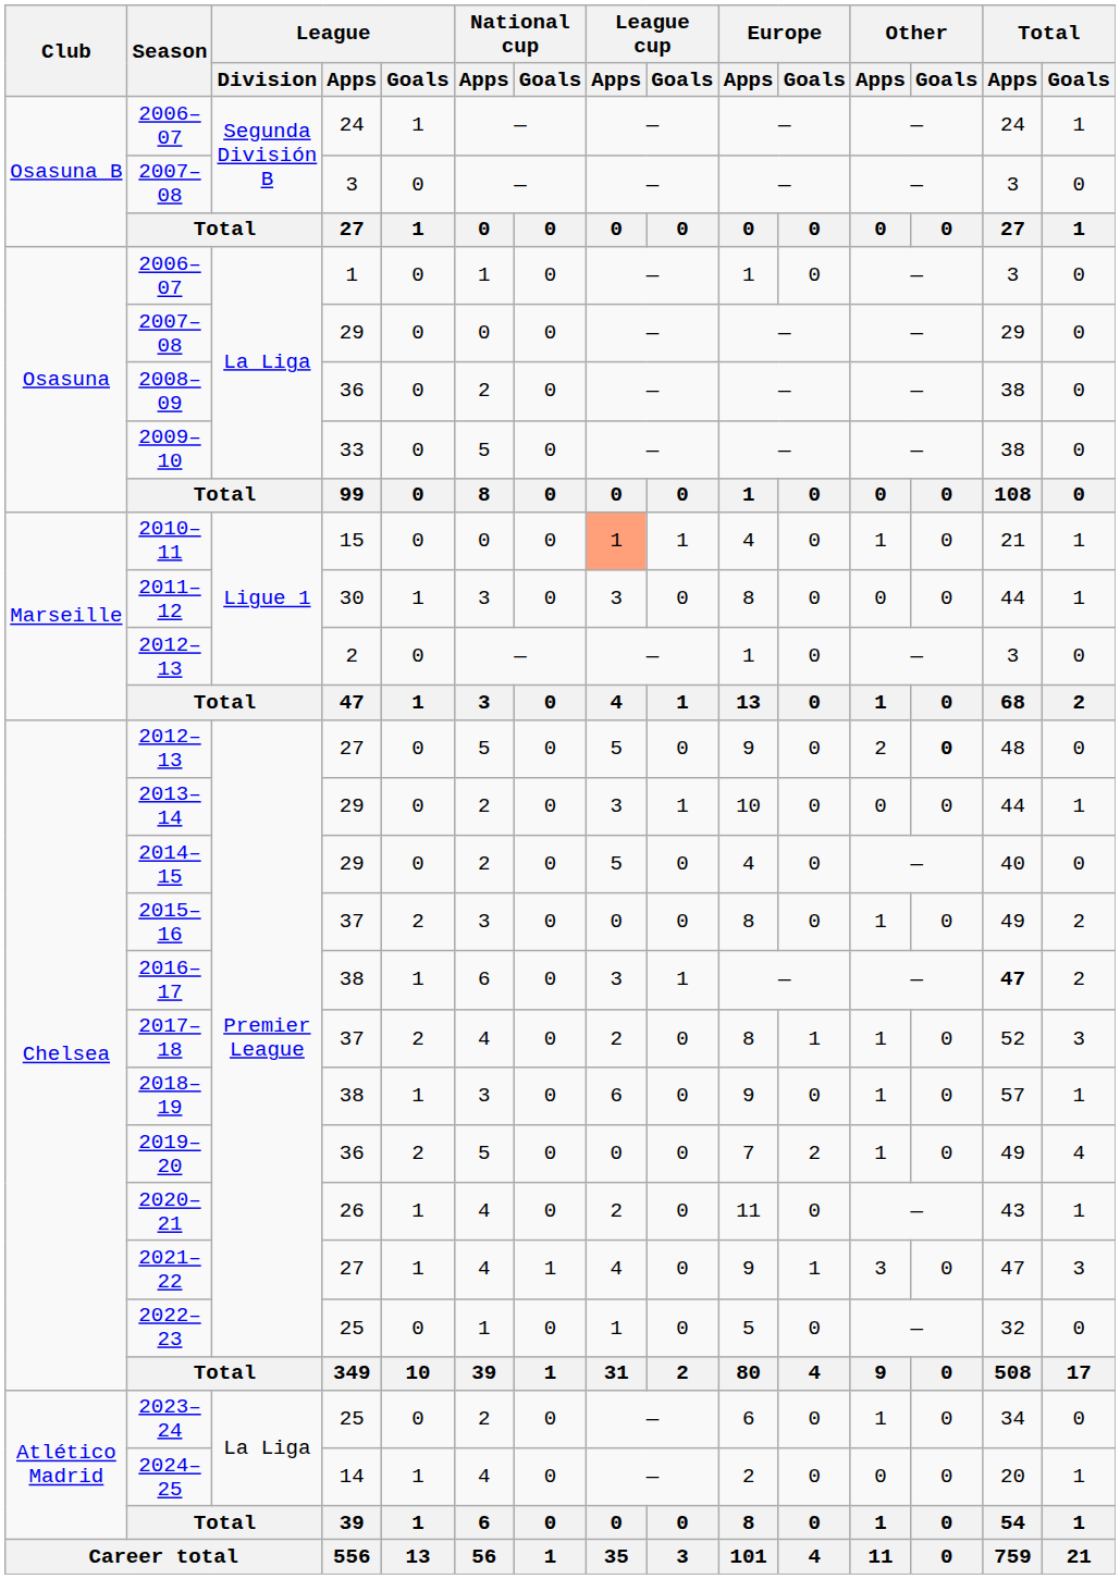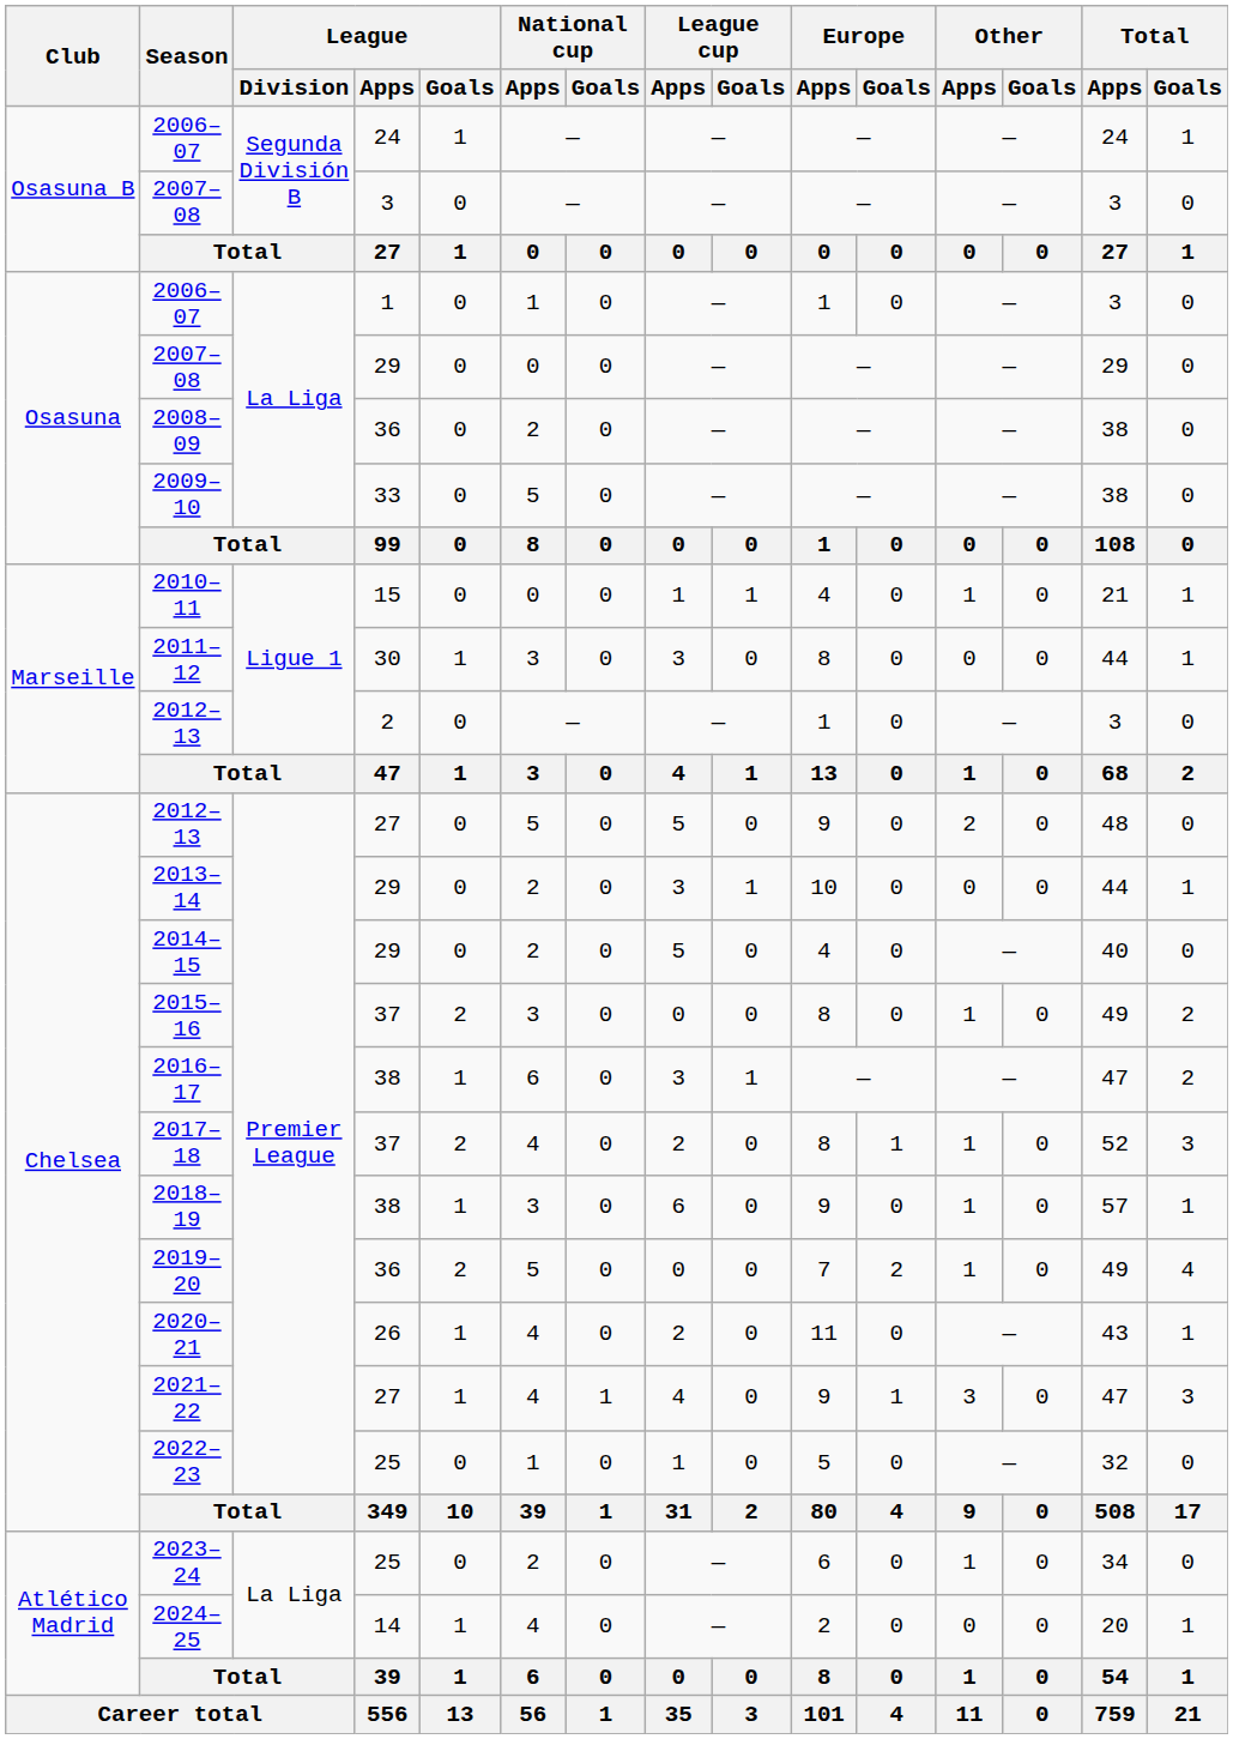 <table class="wikitable" style="text-align:center">
 <tr>
 <th rowspan="2">Club</th>
 <th rowspan="2">Season</th>
 <th colspan="3">League</th>
 <th colspan="2">National cup</th>
 <th colspan="2">League cup</th>
 <th colspan="2">Europe</th>
 <th colspan="2">Other</th>
 <th colspan="2">Total</th>
 </tr>
 <tr>
 <th>Division</th>
 <th>Apps</th>
 <th>Goals</th>
 <th>Apps</th>
 <th>Goals</th>
 <th>Apps</th>
 <th>Goals</th>
 <th>Apps</th>
 <th>Goals</th>
 <th>Apps</th>
 <th>Goals</th>
 <th>Apps</th>
 <th>Goals</th>
 </tr>
 <tr>
 <td rowspan="3"><a href='#'>Osasuna B</a></td>
 <td><a href='#'>2006–07</a></td>
 <td rowspan="2"><a href='#'>Segunda División B</a></td>
 <td>24</td>
 <td>1</td>
 <td colspan="2">—</td>
 <td colspan="2">—</td>
 <td colspan="2">—</td>
 <td colspan="2">—</td>
 <td>24</td>
 <td>1</td>
 </tr>
 <tr>
 <td><a href='#'>2007–08</a></td>
 <td>3</td>
 <td>0</td>
 <td colspan="2">—</td>
 <td colspan="2">—</td>
 <td colspan="2">—</td>
 <td colspan="2">—</td>
 <td>3</td>
 <td>0</td>
 </tr>
 <tr>
 <th colspan="2">Total</th>
 <th>27</th>
 <th>1</th>
 <th>0</th>
 <th>0</th>
 <th>0</th>
 <th>0</th>
 <th>0</th>
 <th>0</th>
 <th>0</th>
 <th>0</th>
 <th>27</th>
 <th>1</th>
 </tr>
 <tr>
 <td rowspan="5"><a href='#'>Osasuna</a></td>
 <td><a href='#'>2006–07</a></td>
 <td rowspan="4"><a href='#'>La Liga</a></td>
 <td>1</td>
 <td>0</td>
 <td>1</td>
 <td>0</td>
 <td colspan="2">—</td>
 <td>1</td>
 <td>0</td>
 <td colspan="2">—</td>
 <td>3</td>
 <td>0</td>
 </tr>
 <tr>
 <td><a href='#'>2007–08</a></td>
 <td>29</td>
 <td>0</td>
 <td>0</td>
 <td>0</td>
 <td colspan="2">—</td>
 <td colspan="2">—</td>
 <td colspan="2">—</td>
 <td>29</td>
 <td>0</td>
 </tr>
 <tr>
 <td><a href='#'>2008–09</a></td>
 <td>36</td>
 <td>0</td>
 <td>2</td>
 <td>0</td>
 <td colspan="2">—</td>
 <td colspan="2">—</td>
 <td colspan="2">—</td>
 <td>38</td>
 <td>0</td>
 </tr>
 <tr>
 <td><a href='#'>2009–10</a></td>
 <td>33</td>
 <td>0</td>
 <td>5</td>
 <td>0</td>
 <td colspan="2">—</td>
 <td colspan="2">—</td>
 <td colspan="2">—</td>
 <td>38</td>
 <td>0</td>
 </tr>
 <tr>
 <th colspan="2">Total</th>
 <th>99</th>
 <th>0</th>
 <th>8</th>
 <th>0</th>
 <th>0</th>
 <th>0</th>
 <th>1</th>
 <th>0</th>
 <th>0</th>
 <th>0</th>
 <th>108</th>
 <th>0</th>
 </tr>
 <tr>
 <td rowspan="4"><a href='#'>Marseille</a></td>
 <td><a href='#'>2010–11</a></td>
 <td rowspan="3"><a href='#'>Ligue 1</a></td>
 <td>15</td>
 <td>0</td>
 <td>0</td>
 <td>0</td>
-<td style="background: lightsalmon;">1</td>
+<td>1</td>
 <td>1</td>
 <td>4</td>
 <td>0</td>
 <td>1</td>
 <td>0</td>
 <td>21</td>
 <td>1</td>
 </tr>
 <tr>
 <td><a href='#'>2011–12</a></td>
 <td>30</td>
 <td>1</td>
 <td>3</td>
 <td>0</td>
 <td>3</td>
 <td>0</td>
 <td>8</td>
 <td>0</td>
 <td>0</td>
 <td>0</td>
 <td>44</td>
 <td>1</td>
 </tr>
 <tr>
 <td><a href='#'>2012–13</a></td>
 <td>2</td>
 <td>0</td>
 <td colspan="2">—</td>
 <td colspan="2">—</td>
 <td>1</td>
 <td>0</td>
 <td colspan="2">—</td>
 <td>3</td>
 <td>0</td>
 </tr>
 <tr>
 <th colspan="2">Total</th>
 <th>47</th>
 <th>1</th>
 <th>3</th>
 <th>0</th>
 <th>4</th>
 <th>1</th>
 <th>13</th>
 <th>0</th>
 <th>1</th>
 <th>0</th>
 <th>68</th>
 <th>2</th>
 </tr>
 <tr>
 <td rowspan="12"><a href='#'>Chelsea</a></td>
 <td><a href='#'>2012–13</a></td>
 <td rowspan="11"><a href='#'>Premier League</a></td>
 <td>27</td>
 <td>0</td>
 <td>5</td>
 <td>0</td>
 <td>5</td>
 <td>0</td>
 <td>9</td>
 <td>0</td>
 <td>2</td>
-<td><strong>0</strong></td>
+<td>0</td>
 <td>48</td>
 <td>0</td>
 </tr>
 <tr>
 <td><a href='#'>2013–14</a></td>
 <td>29</td>
 <td>0</td>
 <td>2</td>
 <td>0</td>
 <td>3</td>
 <td>1</td>
 <td>10</td>
 <td>0</td>
 <td>0</td>
 <td>0</td>
 <td>44</td>
 <td>1</td>
 </tr>
 <tr>
 <td><a href='#'>2014–15</a></td>
 <td>29</td>
 <td>0</td>
 <td>2</td>
 <td>0</td>
 <td>5</td>
 <td>0</td>
 <td>4</td>
 <td>0</td>
 <td colspan="2">—</td>
 <td>40</td>
 <td>0</td>
 </tr>
 <tr>
 <td><a href='#'>2015–16</a></td>
 <td>37</td>
 <td>2</td>
 <td>3</td>
 <td>0</td>
 <td>0</td>
 <td>0</td>
 <td>8</td>
 <td>0</td>
 <td>1</td>
 <td>0</td>
 <td>49</td>
 <td>2</td>
 </tr>
 <tr>
 <td><a href='#'>2016–17</a></td>
 <td>38</td>
 <td>1</td>
 <td>6</td>
 <td>0</td>
 <td>3</td>
 <td>1</td>
 <td colspan="2">—</td>
 <td colspan="2">—</td>
-<td><strong>47</strong></td>
+<td>47</td>
 <td>2</td>
 </tr>
 <tr>
 <td><a href='#'>2017–18</a></td>
 <td>37</td>
 <td>2</td>
 <td>4</td>
 <td>0</td>
 <td>2</td>
 <td>0</td>
 <td>8</td>
 <td>1</td>
 <td>1</td>
 <td>0</td>
 <td>52</td>
 <td>3</td>
 </tr>
 <tr>
 <td><a href='#'>2018–19</a></td>
 <td>38</td>
 <td>1</td>
 <td>3</td>
 <td>0</td>
 <td>6</td>
 <td>0</td>
 <td>9</td>
 <td>0</td>
 <td>1</td>
 <td>0</td>
 <td>57</td>
 <td>1</td>
 </tr>
 <tr>
 <td><a href='#'>2019–20</a></td>
 <td>36</td>
 <td>2</td>
 <td>5</td>
 <td>0</td>
 <td>0</td>
 <td>0</td>
 <td>7</td>
 <td>2</td>
 <td>1</td>
 <td>0</td>
 <td>49</td>
 <td>4</td>
 </tr>
 <tr>
 <td><a href='#'>2020–21</a></td>
 <td>26</td>
 <td>1</td>
 <td>4</td>
 <td>0</td>
 <td>2</td>
 <td>0</td>
 <td>11</td>
 <td>0</td>
 <td colspan="2">—</td>
 <td>43</td>
 <td>1</td>
 </tr>
 <tr>
 <td><a href='#'>2021–22</a></td>
 <td>27</td>
 <td>1</td>
 <td>4</td>
 <td>1</td>
 <td>4</td>
 <td>0</td>
 <td>9</td>
 <td>1</td>
 <td>3</td>
 <td>0</td>
 <td>47</td>
 <td>3</td>
 </tr>
 <tr>
 <td><a href='#'>2022–23</a></td>
 <td>25</td>
 <td>0</td>
 <td>1</td>
 <td>0</td>
 <td>1</td>
 <td>0</td>
 <td>5</td>
 <td>0</td>
 <td colspan="2">—</td>
 <td>32</td>
 <td>0</td>
 </tr>
 <tr>
 <th colspan="2">Total</th>
 <th>349</th>
 <th>10</th>
 <th>39</th>
 <th>1</th>
 <th>31</th>
 <th>2</th>
 <th>80</th>
 <th>4</th>
 <th>9</th>
 <th>0</th>
 <th>508</th>
 <th>17</th>
 </tr>
 <tr>
 <td rowspan="3"><a href='#'>Atlético Madrid</a></td>
 <td><a href='#'>2023–24</a></td>
 <td rowspan="2">La Liga</td>
 <td>25</td>
 <td>0</td>
 <td>2</td>
 <td>0</td>
 <td colspan="2">—</td>
 <td>6</td>
 <td>0</td>
 <td>1</td>
 <td>0</td>
 <td>34</td>
 <td>0</td>
 </tr>
 <tr>
 <td><a href='#'>2024–25</a></td>
 <td>14</td>
 <td>1</td>
 <td>4</td>
 <td>0</td>
 <td colspan="2">—</td>
 <td>2</td>
 <td>0</td>
 <td>0</td>
 <td>0</td>
 <td>20</td>
 <td>1</td>
 </tr>
 <tr>
 <th colspan="2">Total</th>
 <th>39</th>
 <th>1</th>
 <th>6</th>
 <th>0</th>
 <th>0</th>
 <th>0</th>
 <th>8</th>
 <th>0</th>
 <th>1</th>
 <th>0</th>
 <th>54</th>
 <th>1</th>
 </tr>
 <tr>
 <th colspan="3">Career total</th>
 <th>556</th>
 <th>13</th>
 <th>56</th>
 <th>1</th>
 <th>35</th>
 <th>3</th>
 <th>101</th>
 <th>4</th>
 <th>11</th>
 <th>0</th>
 <th>759</th>
 <th>21</th>
 </tr>
 </table>
